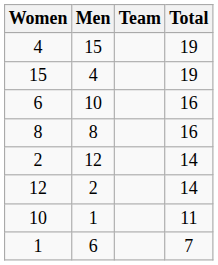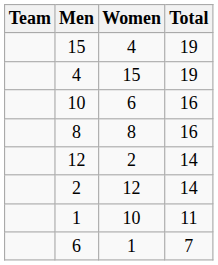 <table class=wikitable style="text-align:center">
 <tr>
+<th>Team</th>
+<th>Men</th>
 <th>Women</th>
-<th>Men</th>
-<th>Team</th>
 <th>Total</th>
 </tr>
 <tr>
+<td align=left></td>
+<td>15</td>
 <td>4</td>
-<td>15</td>
-<td align=left></td>
 <td>19</td>
 </tr>
 <tr>
+<td align=left></td>
+<td>4</td>
 <td>15</td>
-<td>4</td>
-<td align=left></td>
 <td>19</td>
 </tr>
 <tr>
+<td align=left></td>
+<td>10</td>
 <td>6</td>
-<td>10</td>
-<td align=left></td>
 <td>16</td>
 </tr>
 <tr>
+<td align=left></td>
 <td>8</td>
 <td>8</td>
-<td align=left></td>
 <td>16</td>
 </tr>
 <tr>
+<td align=left></td>
+<td>12</td>
 <td>2</td>
-<td>12</td>
-<td align=left></td>
 <td>14</td>
 </tr>
 <tr>
+<td align=left></td>
+<td>2</td>
 <td>12</td>
-<td>2</td>
-<td align=left></td>
 <td>14</td>
 </tr>
 <tr>
+<td align=left></td>
+<td>1</td>
 <td>10</td>
-<td>1</td>
-<td align=left></td>
 <td>11</td>
 </tr>
 <tr>
+<td align=left></td>
+<td>6</td>
 <td>1</td>
-<td>6</td>
-<td align=left></td>
 <td>7</td>
 </tr>
 </table>
